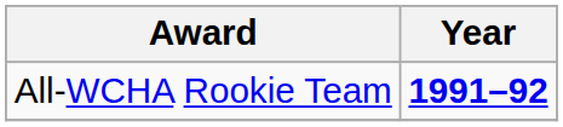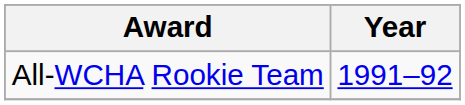 <table class="wikitable">
 <tr>
 <th>Award</th>
 <th>Year</th>
 </tr>
 <tr>
 <td>All-<a href='#'>WCHA</a> <a href='#'>Rookie Team</a></td>
-<td><strong><a href='#'>1991–92</a></strong></td>
+<td><a href='#'>1991–92</a></td>
 </tr>
 <tr>
 </tr>
 </table>
